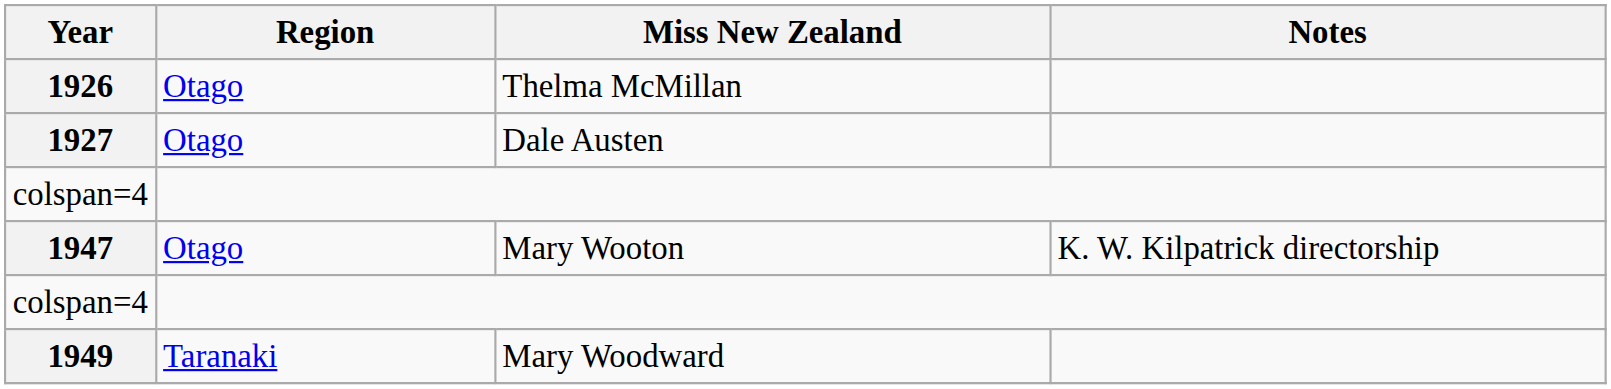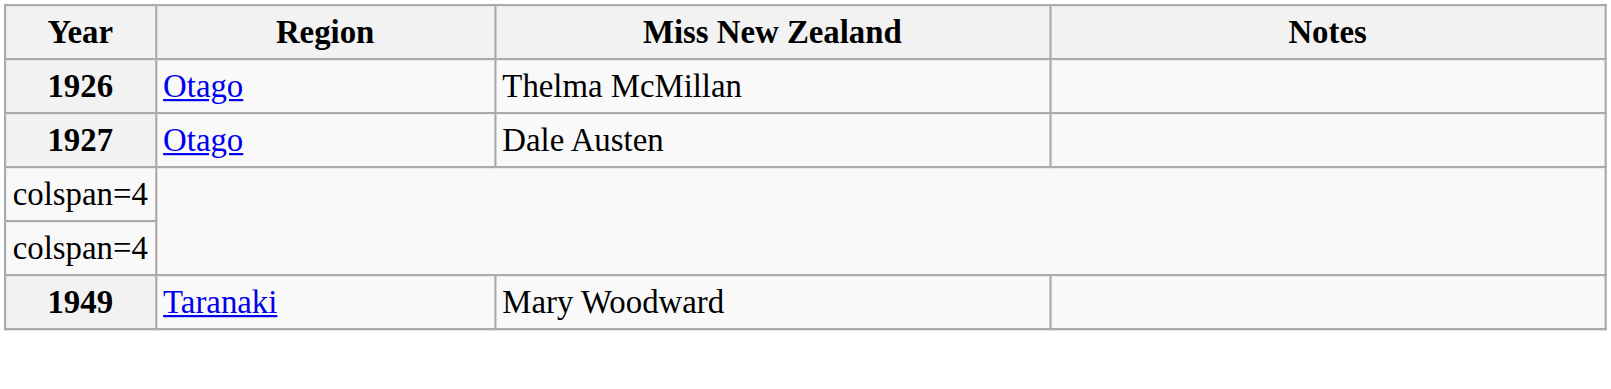 <table class="wikitable " style="font-size: 95%;">
 <tr>
 <th width="60">Year</th>
 <th width="150">Region</th>
 <th width="250">Miss New Zealand</th>
 <th width="250">Notes</th>
 </tr>
 <tr>
 <th>1926</th>
 <td><a href='#'>Otago</a></td>
 <td>Thelma McMillan</td>
 <td></td>
 </tr>
 <tr>
 <th>1927</th>
 <td><a href='#'>Otago</a></td>
 <td>Dale Austen</td>
 <td></td>
 </tr>
 <tr>
 <td>colspan=4 </td>
 </tr>
 <tr>
-<th>1947</th>
-<td><a href='#'>Otago</a></td>
-<td>Mary Wooton</td>
-<td>K. W. Kilpatrick directorship</td>
-</tr>
-<tr>
 <td>colspan=4 </td>
 </tr>
 <tr>
 <th>1949</th>
 <td><a href='#'>Taranaki</a></td>
 <td>Mary Woodward</td>
 <td></td>
 </tr>
 <tr>
 </tr>
 </table>
